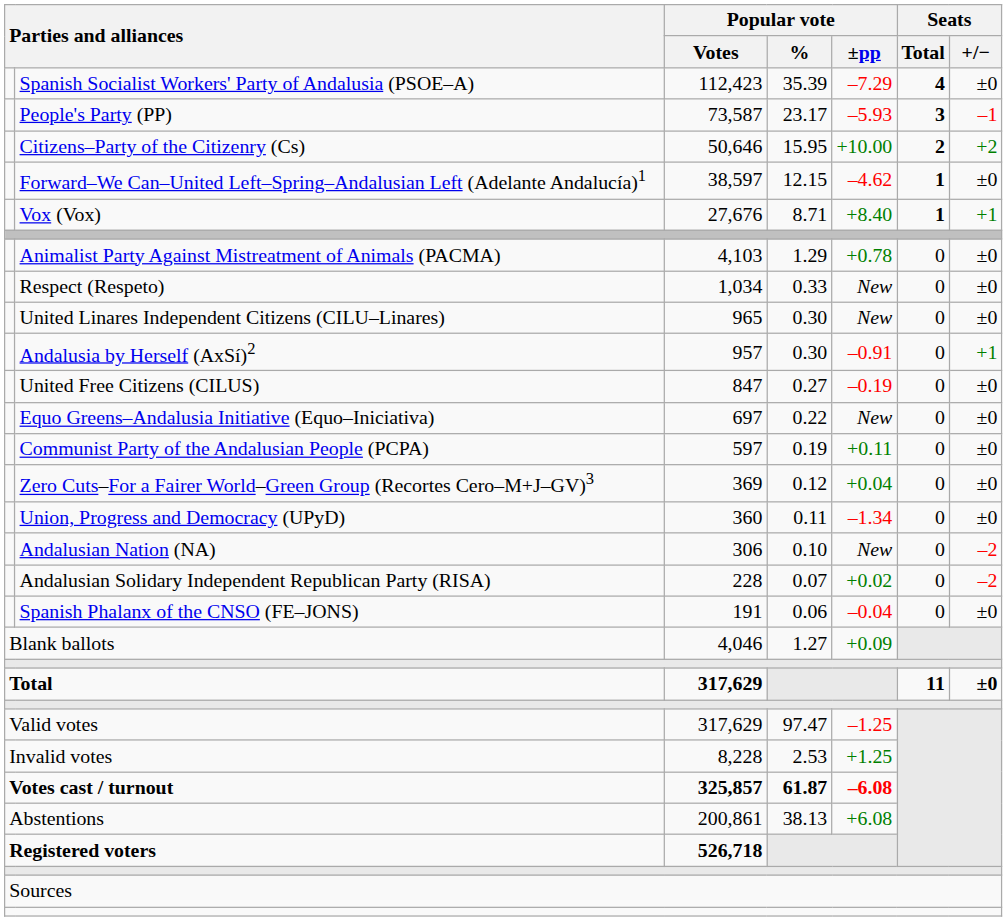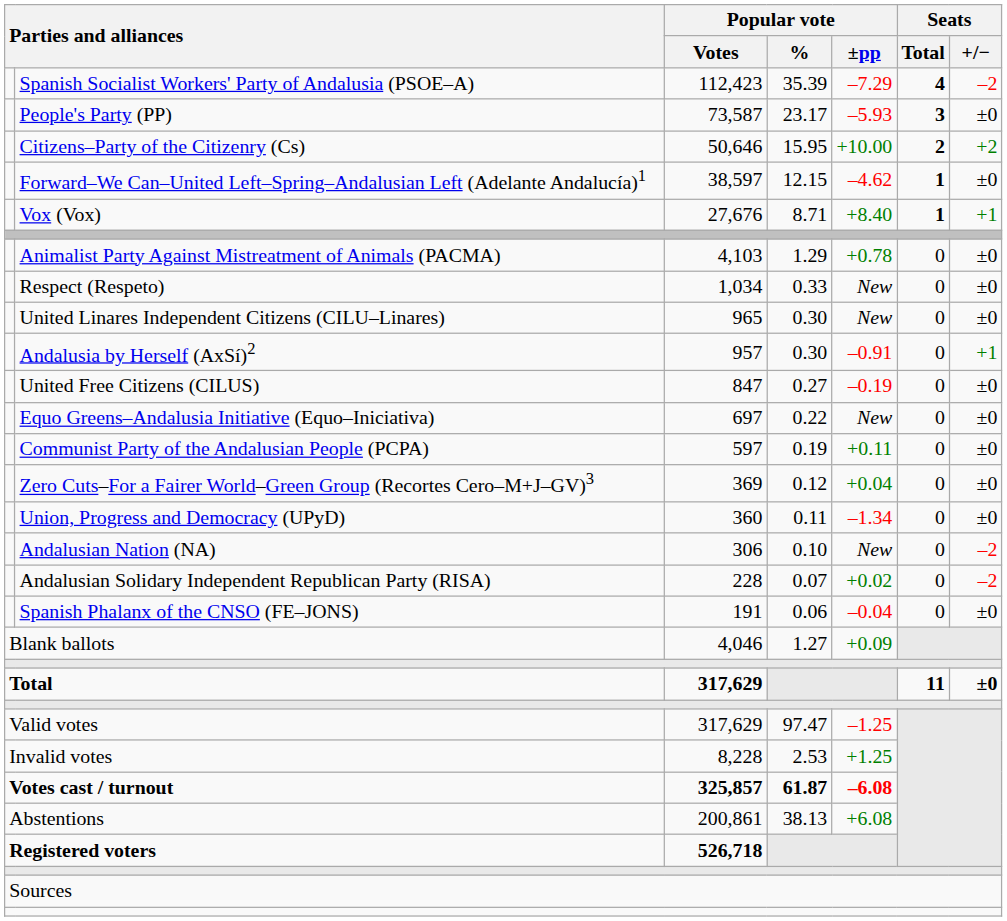 <table class="wikitable" style="text-align:right;">
 <tr>
 <th style="text-align:left;" rowspan="2" colspan="2" width="525">Parties and alliances</th>
 <th colspan="3">Popular vote</th>
 <th colspan="2">Seats</th>
 </tr>
 <tr>
 <th width="75">Votes</th>
 <th width="45">%</th>
 <th width="45">±<a href='#'>pp</a></th>
 <th width="35">Total</th>
 <th width="35">+/−</th>
 </tr>
 <tr>
 <td width="1" style="color:inherit;background:"></td>
 <td align="left"><a href='#'>Spanish Socialist Workers' Party of Andalusia</a> (PSOE–A)</td>
 <td>112,423</td>
 <td>35.39</td>
 <td style="color:red;">–7.29</td>
 <td><strong>4</strong></td>
-<td>±0</td>
+<td style="color:red;">–2</td>
 </tr>
 <tr>
 <td style="color:inherit;background:"></td>
 <td align="left"><a href='#'>People's Party</a> (PP)</td>
 <td>73,587</td>
 <td>23.17</td>
 <td style="color:red;">–5.93</td>
 <td><strong>3</strong></td>
-<td style="color:red;">–1</td>
+<td>±0</td>
 </tr>
 <tr>
 <td style="color:inherit;background:"></td>
 <td align="left"><a href='#'>Citizens–Party of the Citizenry</a> (Cs)</td>
 <td>50,646</td>
 <td>15.95</td>
 <td style="color:green;">+10.00</td>
 <td><strong>2</strong></td>
 <td style="color:green;">+2</td>
 </tr>
 <tr>
 <td style="color:inherit;background:"></td>
 <td align="left"><a href='#'>Forward–We Can–United Left–Spring–Andalusian Left</a> (Adelante Andalucía)<sup>1</sup></td>
 <td>38,597</td>
 <td>12.15</td>
 <td style="color:red;">–4.62</td>
 <td><strong>1</strong></td>
 <td>±0</td>
 </tr>
 <tr>
 <td style="color:inherit;background:"></td>
 <td align="left"><a href='#'>Vox</a> (Vox)</td>
 <td>27,676</td>
 <td>8.71</td>
 <td style="color:green;">+8.40</td>
 <td><strong>1</strong></td>
 <td style="color:green;">+1</td>
 </tr>
 <tr>
 <td colspan="7" bgcolor="#C0C0C0"></td>
 </tr>
 <tr>
 <td style="color:inherit;background:"></td>
 <td align="left"><a href='#'>Animalist Party Against Mistreatment of Animals</a> (PACMA)</td>
 <td>4,103</td>
 <td>1.29</td>
 <td style="color:green;">+0.78</td>
 <td>0</td>
 <td>±0</td>
 </tr>
 <tr>
 <td style="color:inherit;background:"></td>
 <td align="left">Respect (Respeto)</td>
 <td>1,034</td>
 <td>0.33</td>
 <td><em>New</em></td>
 <td>0</td>
 <td>±0</td>
 </tr>
 <tr>
 <td style="color:inherit;background:"></td>
 <td align="left">United Linares Independent Citizens (CILU–Linares)</td>
 <td>965</td>
 <td>0.30</td>
 <td><em>New</em></td>
 <td>0</td>
 <td>±0</td>
 </tr>
 <tr>
 <td style="color:inherit;background:"></td>
 <td align="left"><a href='#'>Andalusia by Herself</a> (AxSí)<sup>2</sup></td>
 <td>957</td>
 <td>0.30</td>
 <td style="color:red;">–0.91</td>
 <td>0</td>
 <td style="color:green;">+1</td>
 </tr>
 <tr>
 <td style="color:inherit;background:"></td>
 <td align="left">United Free Citizens (CILUS)</td>
 <td>847</td>
 <td>0.27</td>
 <td style="color:red;">–0.19</td>
 <td>0</td>
 <td>±0</td>
 </tr>
 <tr>
 <td style="color:inherit;background:"></td>
 <td align="left"><a href='#'>Equo Greens–Andalusia Initiative</a> (Equo–Iniciativa)</td>
 <td>697</td>
 <td>0.22</td>
 <td><em>New</em></td>
 <td>0</td>
 <td>±0</td>
 </tr>
 <tr>
 <td style="color:inherit;background:"></td>
 <td align="left"><a href='#'>Communist Party of the Andalusian People</a> (PCPA)</td>
 <td>597</td>
 <td>0.19</td>
 <td style="color:green;">+0.11</td>
 <td>0</td>
 <td>±0</td>
 </tr>
 <tr>
 <td style="color:inherit;background:"></td>
 <td align="left"><a href='#'>Zero Cuts</a>–<a href='#'>For a Fairer World</a>–<a href='#'>Green Group</a> (Recortes Cero–M+J–GV)<sup>3</sup></td>
 <td>369</td>
 <td>0.12</td>
 <td style="color:green;">+0.04</td>
 <td>0</td>
 <td>±0</td>
 </tr>
 <tr>
 <td style="color:inherit;background:"></td>
 <td align="left"><a href='#'>Union, Progress and Democracy</a> (UPyD)</td>
 <td>360</td>
 <td>0.11</td>
 <td style="color:red;">–1.34</td>
 <td>0</td>
 <td>±0</td>
 </tr>
 <tr>
 <td style="color:inherit;background:"></td>
 <td align="left"><a href='#'>Andalusian Nation</a> (NA)</td>
 <td>306</td>
 <td>0.10</td>
 <td><em>New</em></td>
 <td>0</td>
 <td style="color:red;">–2</td>
 </tr>
 <tr>
 <td style="color:inherit;background:"></td>
 <td align="left">Andalusian Solidary Independent Republican Party (RISA)</td>
 <td>228</td>
 <td>0.07</td>
 <td style="color:green;">+0.02</td>
 <td>0</td>
 <td style="color:red;">–2</td>
 </tr>
 <tr>
 <td style="color:inherit;background:"></td>
 <td align="left"><a href='#'>Spanish Phalanx of the CNSO</a> (FE–JONS)</td>
 <td>191</td>
 <td>0.06</td>
 <td style="color:red;">–0.04</td>
 <td>0</td>
 <td>±0</td>
 </tr>
 <tr>
 <td align="left" colspan="2">Blank ballots</td>
 <td>4,046</td>
 <td>1.27</td>
 <td style="color:green;">+0.09</td>
 <td bgcolor="#E9E9E9" colspan="2"></td>
 </tr>
 <tr>
 <td colspan="7" bgcolor="#E9E9E9"></td>
 </tr>
 <tr style="font-weight:bold;">
 <td align="left" colspan="2">Total</td>
 <td>317,629</td>
 <td bgcolor="#E9E9E9" colspan="2"></td>
 <td>11</td>
 <td>±0</td>
 </tr>
 <tr>
 <td colspan="7" bgcolor="#E9E9E9"></td>
 </tr>
 <tr>
 <td align="left" colspan="2">Valid votes</td>
 <td>317,629</td>
 <td>97.47</td>
 <td style="color:red;">–1.25</td>
 <td bgcolor="#E9E9E9" colspan="2" rowspan="5"></td>
 </tr>
 <tr>
 <td align="left" colspan="2">Invalid votes</td>
 <td>8,228</td>
 <td>2.53</td>
 <td style="color:green;">+1.25</td>
 </tr>
 <tr style="font-weight:bold;">
 <td align="left" colspan="2">Votes cast / turnout</td>
 <td>325,857</td>
 <td>61.87</td>
 <td style="color:red;">–6.08</td>
 </tr>
 <tr>
 <td align="left" colspan="2">Abstentions</td>
 <td>200,861</td>
 <td>38.13</td>
 <td style="color:green;">+6.08</td>
 </tr>
 <tr style="font-weight:bold;">
 <td align="left" colspan="2">Registered voters</td>
 <td>526,718</td>
 <td bgcolor="#E9E9E9" colspan="2"></td>
 </tr>
 <tr>
 <td colspan="7" bgcolor="#E9E9E9"></td>
 </tr>
 <tr>
 <td align="left" colspan="7">Sources</td>
 </tr>
 <tr>
 <td colspan="7" style="text-align:left; max-width:790px;"></td>
 </tr>
 </table>
